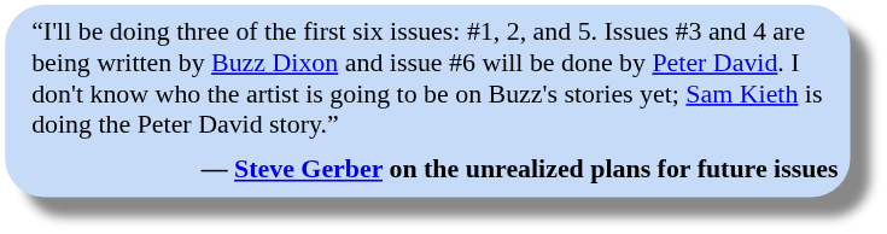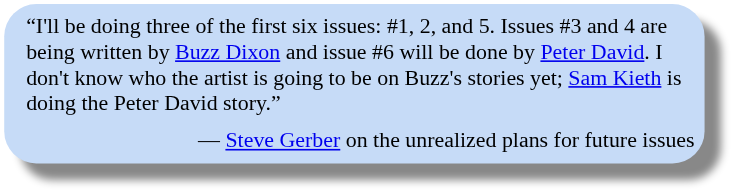 <table class="toccolours" style="float: right; margin-left: 1em; margin-right: 2em; margin-bottom: 8em; font-size: 85%; background:#c6dbf7; color:black; width:32em; max-width:40%; padding-left: 8px; border-radius: 20px; box-shadow: 10px 10px 5px #888888;" cellspacing="5">
 <tr>
 <td align="left">“I'll be doing three of the first six issues: #1, 2, and 5. Issues #3 and 4 are being written by <a href='#'>Buzz Dixon</a> and issue #6 will be done by <a href='#'>Peter David</a>. I don't know who the artist is going to be on Buzz's stories yet; <a href='#'>Sam Kieth</a> is doing the Peter David story.”</td>
 </tr>
 <tr>
-<td align="right"><strong> — <a href='#'>Steve Gerber</a> on the unrealized plans for future issues</strong></td>
+<td align="right"> — <a href='#'>Steve Gerber</a> on the unrealized plans for future issues</td>
 </tr>
 </table>
